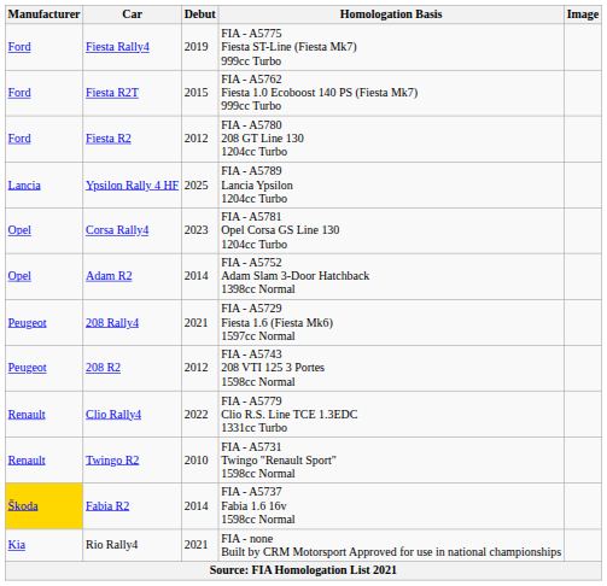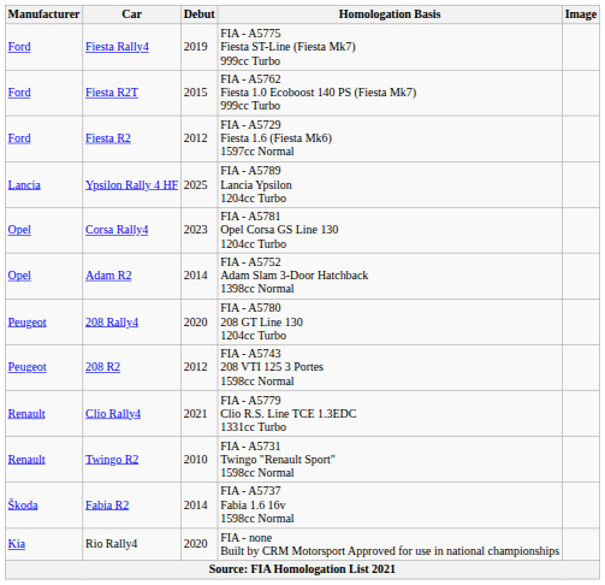 <table class="wikitable sortable">
 <tr>
 <th>Manufacturer</th>
 <th>Car</th>
 <th>Debut</th>
 <th>Homologation Basis</th>
 <th>Image</th>
 </tr>
 <tr>
 <td> <a href='#'>Ford</a></td>
 <td><a href='#'>Fiesta Rally4</a></td>
 <td>2019</td>
 <td>FIA - A5775<br>Fiesta ST-Line (Fiesta Mk7)<br>999cc Turbo</td>
 <td></td>
 </tr>
 <tr>
 <td> <a href='#'>Ford</a></td>
 <td><a href='#'>Fiesta R2T</a></td>
 <td>2015</td>
 <td>FIA - A5762<br>Fiesta 1.0 Ecoboost 140 PS (Fiesta Mk7)<br>999cc Turbo</td>
 <td></td>
 </tr>
 <tr>
 <td> <a href='#'>Ford</a></td>
 <td><a href='#'>Fiesta R2</a></td>
 <td>2012</td>
-<td>FIA - A5780<br>208 GT Line 130<br>1204cc Turbo</td>
+<td>FIA - A5729<br>Fiesta 1.6 (Fiesta Mk6)<br>1597cc Normal</td>
 <td></td>
 </tr>
 <tr>
 <td> <a href='#'>Lancia</a></td>
 <td><a href='#'>Ypsilon Rally 4 HF</a></td>
 <td>2025</td>
 <td>FIA - A5789<br>Lancia Ypsilon<br>1204cc Turbo</td>
 <td></td>
 </tr>
 <tr>
 <td> <a href='#'>Opel</a></td>
 <td><a href='#'>Corsa Rally4</a></td>
 <td>2023</td>
 <td>FIA - A5781<br>Opel Corsa GS Line 130<br>1204cc Turbo</td>
 <td></td>
 </tr>
 <tr>
 <td> <a href='#'>Opel</a></td>
 <td><a href='#'>Adam R2</a></td>
 <td>2014</td>
 <td>FIA - A5752<br>Adam Slam 3-Door Hatchback<br>1398cc Normal</td>
 <td></td>
 </tr>
 <tr>
 <td> <a href='#'>Peugeot</a></td>
 <td><a href='#'>208 Rally4</a></td>
-<td>2021</td>
-<td>FIA - A5729<br>Fiesta 1.6 (Fiesta Mk6)<br>1597cc Normal</td>
+<td>2020</td>
+<td>FIA - A5780<br>208 GT Line 130<br>1204cc Turbo</td>
 <td></td>
 </tr>
 <tr>
 <td> <a href='#'>Peugeot</a></td>
 <td><a href='#'>208 R2</a></td>
 <td>2012</td>
 <td>FIA - A5743<br>208 VTI 125 3 Portes<br>1598cc Normal</td>
 <td></td>
 </tr>
 <tr>
 <td> <a href='#'>Renault</a></td>
 <td><a href='#'>Clio Rally4</a></td>
-<td>2022</td>
+<td>2021</td>
 <td>FIA - A5779<br>Clio R.S. Line TCE 1.3EDC<br>1331cc Turbo</td>
 <td></td>
 </tr>
 <tr>
 <td> <a href='#'>Renault</a></td>
 <td><a href='#'>Twingo R2</a></td>
 <td>2010</td>
 <td>FIA - A5731<br>Twingo "Renault Sport"<br>1598cc Normal</td>
 <td></td>
 </tr>
 <tr>
-<td style="background: gold;"> <a href='#'>Škoda</a></td>
+<td> <a href='#'>Škoda</a></td>
 <td><a href='#'>Fabia R2</a></td>
 <td>2014</td>
 <td>FIA - A5737<br>Fabia 1.6 16v<br>1598cc Normal</td>
 <td></td>
 </tr>
 <tr>
 <td> <a href='#'>Kia</a></td>
 <td>Rio Rally4</td>
-<td>2021</td>
+<td>2020</td>
 <td>FIA - none<br>Built by CRM Motorsport Approved for use in national championships</td>
 <td></td>
 </tr>
 <tr>
 <th colspan="5">Source: FIA Homologation List 2021</th>
 </tr>
 </table>
